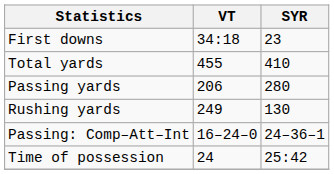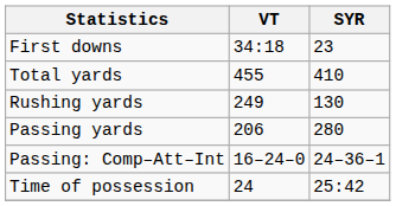 <table class="wikitable" style="float: left;">
 <tr>
 <th>Statistics</th>
 <th>VT</th>
 <th>SYR</th>
 </tr>
 <tr>
 <td>First downs</td>
 <td>34:18</td>
 <td>23</td>
 </tr>
 <tr>
 <td>Total yards</td>
 <td>455</td>
 <td>410</td>
 </tr>
 <tr>
+<td>Rushing yards</td>
+<td>249</td>
+<td>130</td>
+</tr>
+<tr>
 <td>Passing yards</td>
 <td>206</td>
 <td>280</td>
-</tr>
-<tr>
-<td>Rushing yards</td>
-<td>249</td>
-<td>130</td>
 </tr>
 <tr>
 <td>Passing: Comp–Att–Int</td>
 <td>16–24–0</td>
 <td>24–36–1</td>
 </tr>
 <tr>
 <td>Time of possession</td>
 <td>24</td>
 <td>25:42</td>
 </tr>
 <tr>
 </tr>
 </table>
